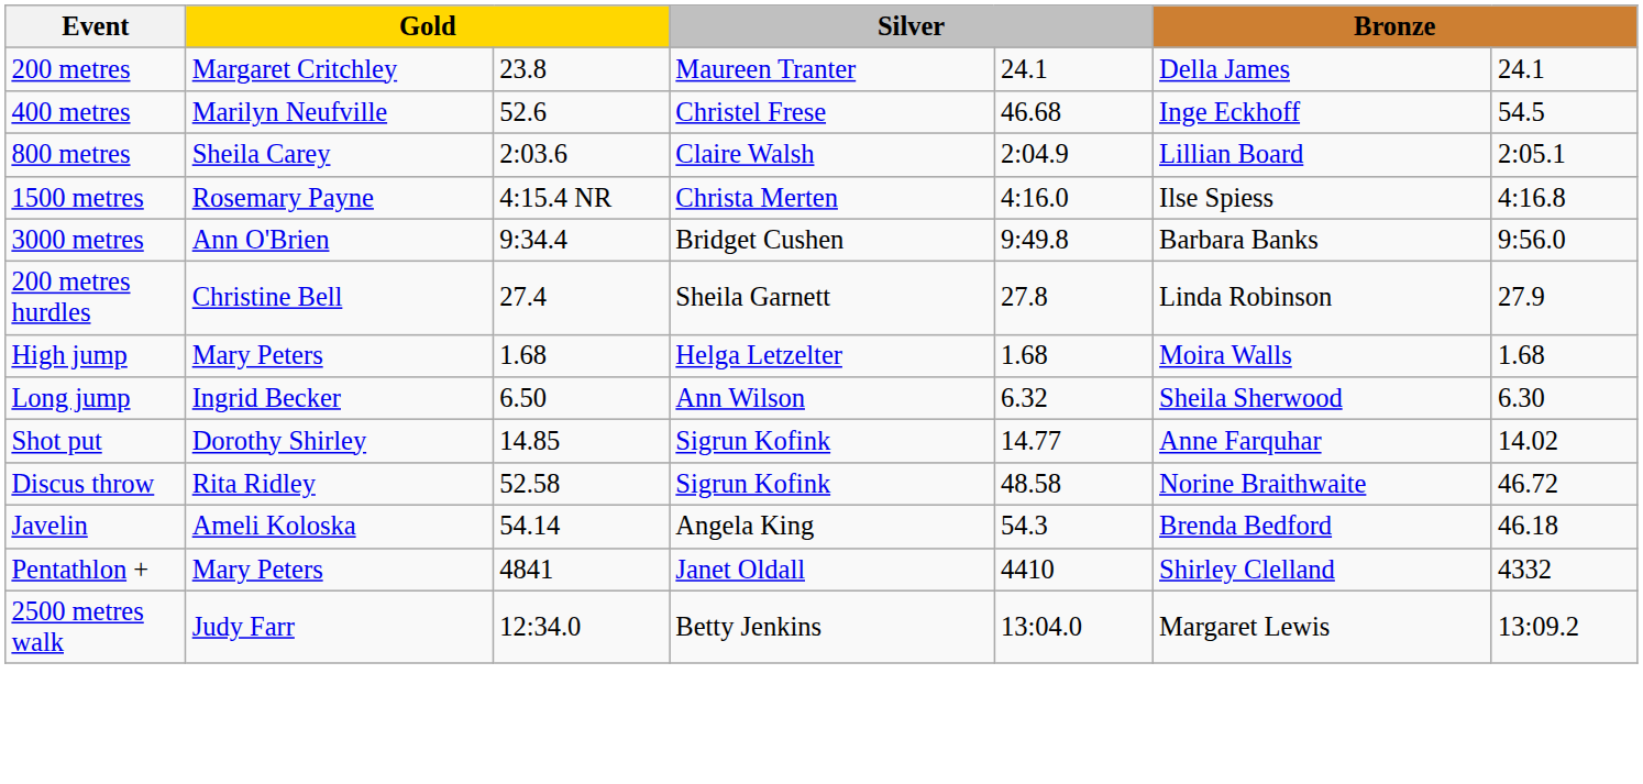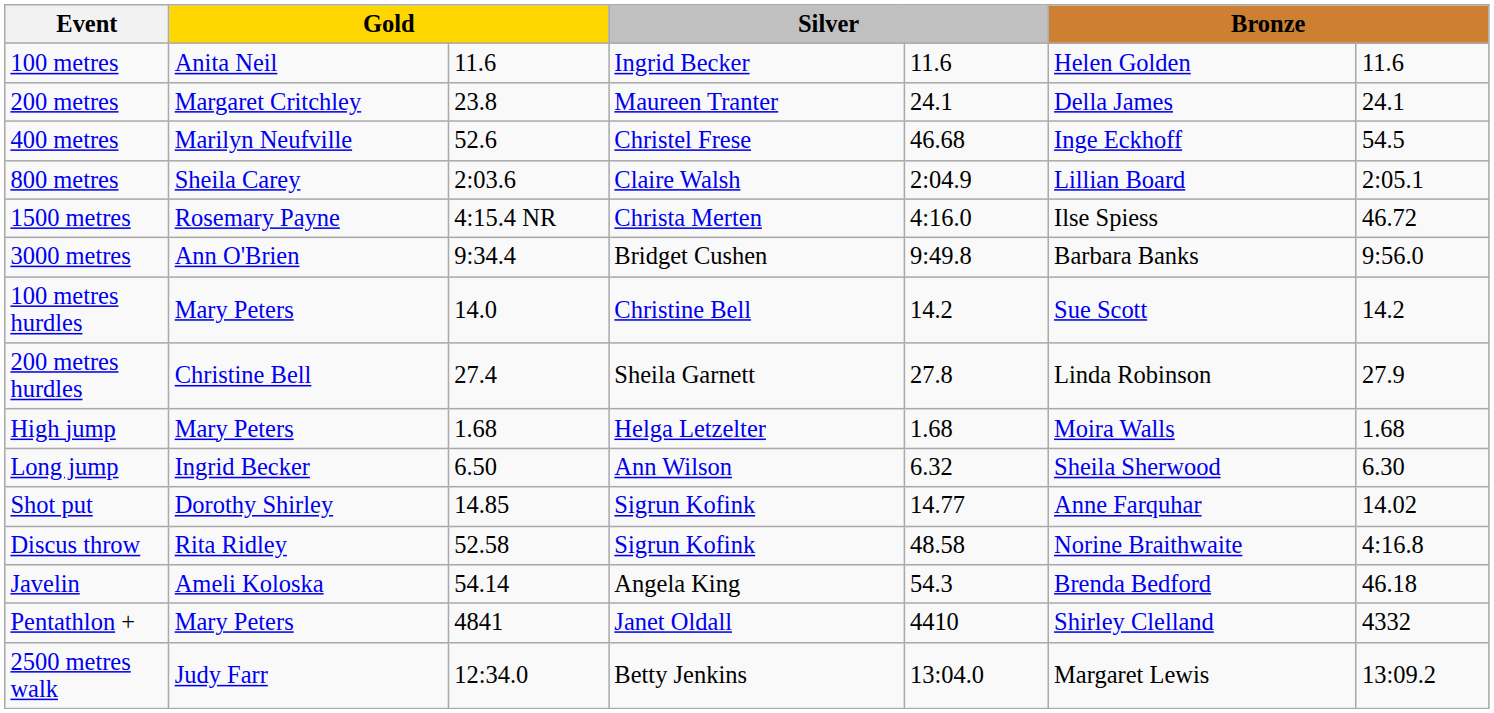 <table class="wikitable" style="text-align:left">
 <tr>
 <th width=100>Event</th>
 <th colspan="2" width="280" style="background:gold;">Gold</th>
 <th colspan="2" width="280" style="background:silver;">Silver</th>
 <th colspan="2" width="280" style="background:#CD7F32;">Bronze</th>
+</tr>
+<tr>
+<td><a href='#'>100 metres</a></td>
+<td><a href='#'>Anita Neil</a></td>
+<td>11.6</td>
+<td> <a href='#'>Ingrid Becker</a></td>
+<td>11.6</td>
+<td> <a href='#'>Helen Golden</a></td>
+<td>11.6</td>
 </tr>
 <tr>
 <td><a href='#'>200 metres</a></td>
 <td><a href='#'>Margaret Critchley</a></td>
 <td>23.8</td>
 <td><a href='#'>Maureen Tranter</a></td>
 <td>24.1</td>
 <td><a href='#'>Della James</a></td>
 <td>24.1</td>
 </tr>
 <tr>
 <td><a href='#'>400 metres</a></td>
 <td><a href='#'>Marilyn Neufville</a></td>
 <td>52.6</td>
 <td> <a href='#'>Christel Frese</a></td>
 <td>46.68</td>
 <td> <a href='#'>Inge Eckhoff</a></td>
 <td>54.5</td>
 </tr>
 <tr>
 <td><a href='#'>800 metres</a></td>
 <td><a href='#'>Sheila Carey</a></td>
 <td>2:03.6</td>
 <td> <a href='#'>Claire Walsh</a></td>
 <td>2:04.9</td>
 <td><a href='#'>Lillian Board</a></td>
 <td>2:05.1</td>
 </tr>
 <tr>
 <td><a href='#'>1500 metres</a></td>
 <td> <a href='#'>Rosemary Payne</a></td>
 <td>4:15.4 NR</td>
 <td> <a href='#'>Christa Merten</a></td>
 <td>4:16.0</td>
 <td> Ilse Spiess</td>
-<td>4:16.8</td>
+<td>46.72</td>
 </tr>
 <tr>
 <td><a href='#'>3000 metres</a></td>
 <td> <a href='#'>Ann O'Brien</a></td>
 <td>9:34.4</td>
 <td>Bridget Cushen</td>
 <td>9:49.8</td>
 <td>Barbara Banks</td>
 <td>9:56.0</td>
+</tr>
+<tr>
+<td><a href='#'>100 metres hurdles</a></td>
+<td><a href='#'>Mary Peters</a></td>
+<td>14.0</td>
+<td><a href='#'>Christine Bell</a></td>
+<td>14.2</td>
+<td><a href='#'>Sue Scott</a></td>
+<td>14.2</td>
 </tr>
 <tr>
 <td><a href='#'>200 metres hurdles</a></td>
 <td><a href='#'>Christine Bell</a></td>
 <td>27.4</td>
 <td>Sheila Garnett</td>
 <td>27.8</td>
 <td>Linda Robinson</td>
 <td>27.9</td>
 </tr>
 <tr>
 <td><a href='#'>High jump</a></td>
 <td><a href='#'>Mary Peters</a></td>
 <td>1.68</td>
 <td> <a href='#'>Helga Letzelter</a></td>
 <td>1.68</td>
 <td> <a href='#'>Moira Walls</a></td>
 <td>1.68</td>
 </tr>
 <tr>
 <td><a href='#'>Long jump</a></td>
 <td> <a href='#'>Ingrid Becker</a></td>
 <td>6.50</td>
 <td><a href='#'>Ann Wilson</a></td>
 <td>6.32</td>
 <td><a href='#'>Sheila Sherwood</a></td>
 <td>6.30</td>
 </tr>
 <tr>
 <td><a href='#'>Shot put</a></td>
 <td><a href='#'>Dorothy Shirley</a></td>
 <td>14.85</td>
 <td> <a href='#'>Sigrun Kofink</a></td>
 <td>14.77</td>
 <td><a href='#'>Anne Farquhar</a></td>
 <td>14.02</td>
 </tr>
 <tr>
 <td><a href='#'>Discus throw</a></td>
 <td><a href='#'>Rita Ridley</a></td>
 <td>52.58</td>
 <td> <a href='#'>Sigrun Kofink</a></td>
 <td>48.58</td>
 <td><a href='#'>Norine Braithwaite</a></td>
-<td>46.72</td>
+<td>4:16.8</td>
 </tr>
 <tr>
 <td><a href='#'>Javelin</a></td>
 <td> <a href='#'>Ameli Koloska</a></td>
 <td>54.14</td>
 <td>Angela King</td>
 <td>54.3</td>
 <td><a href='#'>Brenda Bedford</a></td>
 <td>46.18</td>
 </tr>
 <tr>
 <td><a href='#'>Pentathlon</a> +</td>
 <td> <a href='#'>Mary Peters</a></td>
 <td>4841</td>
 <td><a href='#'>Janet Oldall</a></td>
 <td>4410</td>
 <td><a href='#'>Shirley Clelland</a></td>
 <td>4332</td>
 </tr>
 <tr>
 <td><a href='#'>2500 metres walk</a></td>
 <td><a href='#'>Judy Farr</a></td>
 <td>12:34.0</td>
 <td>Betty Jenkins</td>
 <td>13:04.0</td>
 <td>Margaret Lewis</td>
 <td>13:09.2</td>
 </tr>
 </table>
